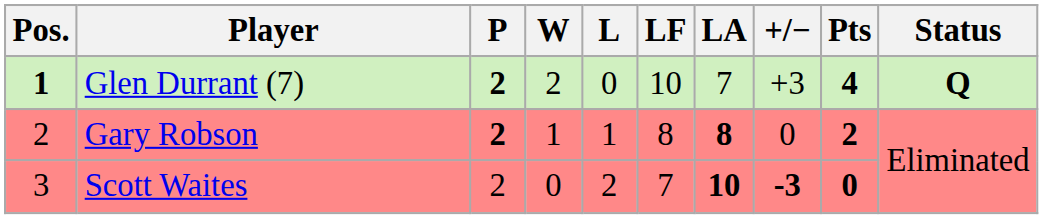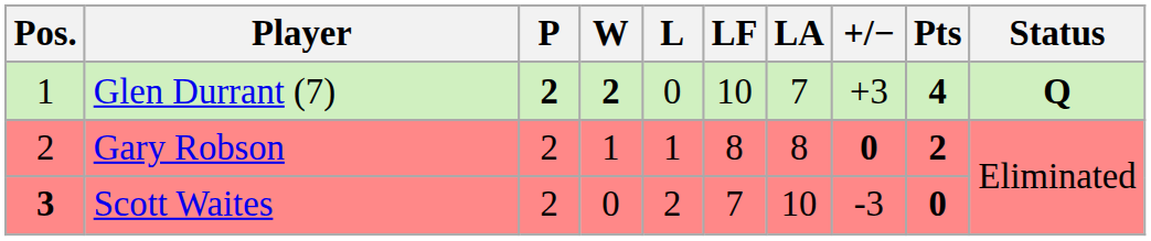 <table class="wikitable" style="text-align:center; margin: 1em auto 1em auto, align:left">
 <tr>
 <th width=20>Pos.</th>
 <th width=185>Player</th>
 <th width=20>P</th>
 <th width=20>W</th>
 <th width=20>L</th>
 <th width=20>LF</th>
 <th width=20>LA</th>
 <th width=25>+/−</th>
 <th width=20>Pts</th>
 <th width=70>Status</th>
 </tr>
 <tr style="background:#D0F0C0;">
-<td><strong>1</strong></td>
+<td>1</td>
 <td align=left> <a href='#'>Glen Durrant</a> (7)</td>
 <td><strong>2</strong></td>
-<td>2</td>
+<td><strong>2</strong></td>
 <td>0</td>
 <td>10</td>
 <td>7</td>
 <td>+3</td>
 <td><strong>4</strong></td>
 <td rowspan=1><strong>Q</strong></td>
 </tr>
 <tr style="background:#FF8888;">
 <td>2</td>
 <td align=left> <a href='#'>Gary Robson</a></td>
-<td><strong>2</strong></td>
+<td>2</td>
 <td>1</td>
 <td>1</td>
 <td>8</td>
-<td><strong>8</strong></td>
-<td>0</td>
+<td>8</td>
+<td><strong>0</strong></td>
 <td><strong>2</strong></td>
 <td rowspan=2>Eliminated</td>
 </tr>
 <tr style="background:#FF8888;">
-<td>3</td>
+<td><strong>3</strong></td>
 <td align=left> <a href='#'>Scott Waites</a></td>
 <td>2</td>
 <td>0</td>
 <td>2</td>
 <td>7</td>
-<td><strong>10</strong></td>
-<td><strong>-3</strong></td>
+<td>10</td>
+<td>-3</td>
 <td><strong>0</strong></td>
 </tr>
 </table>
